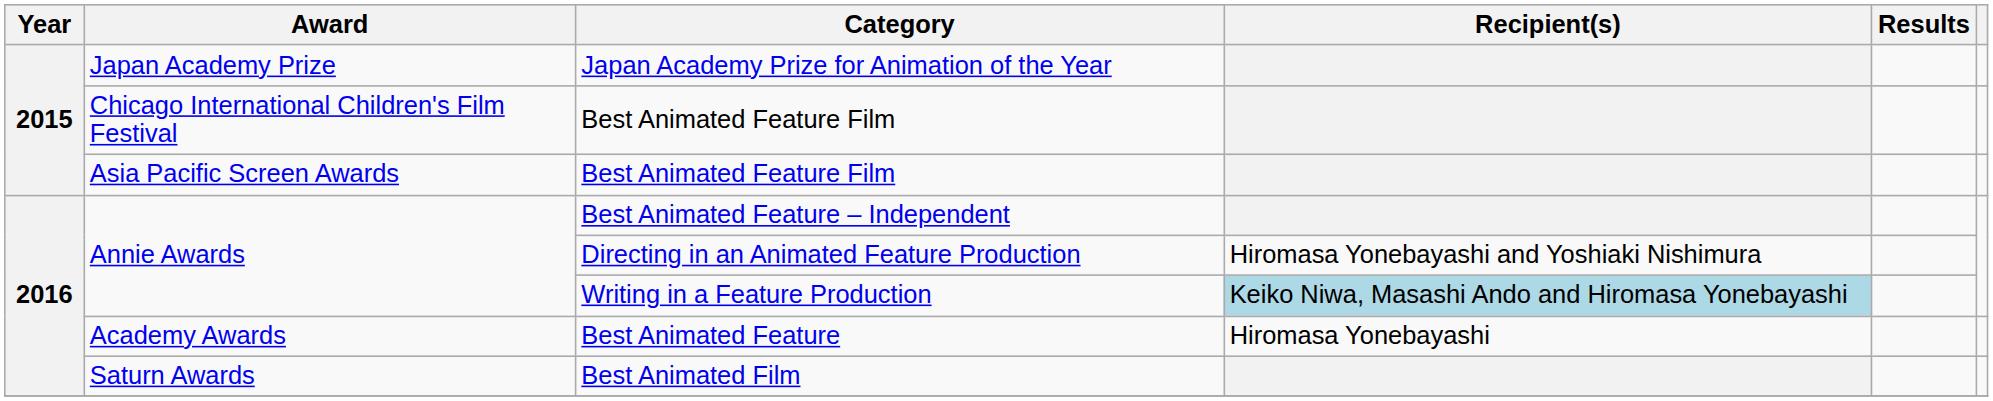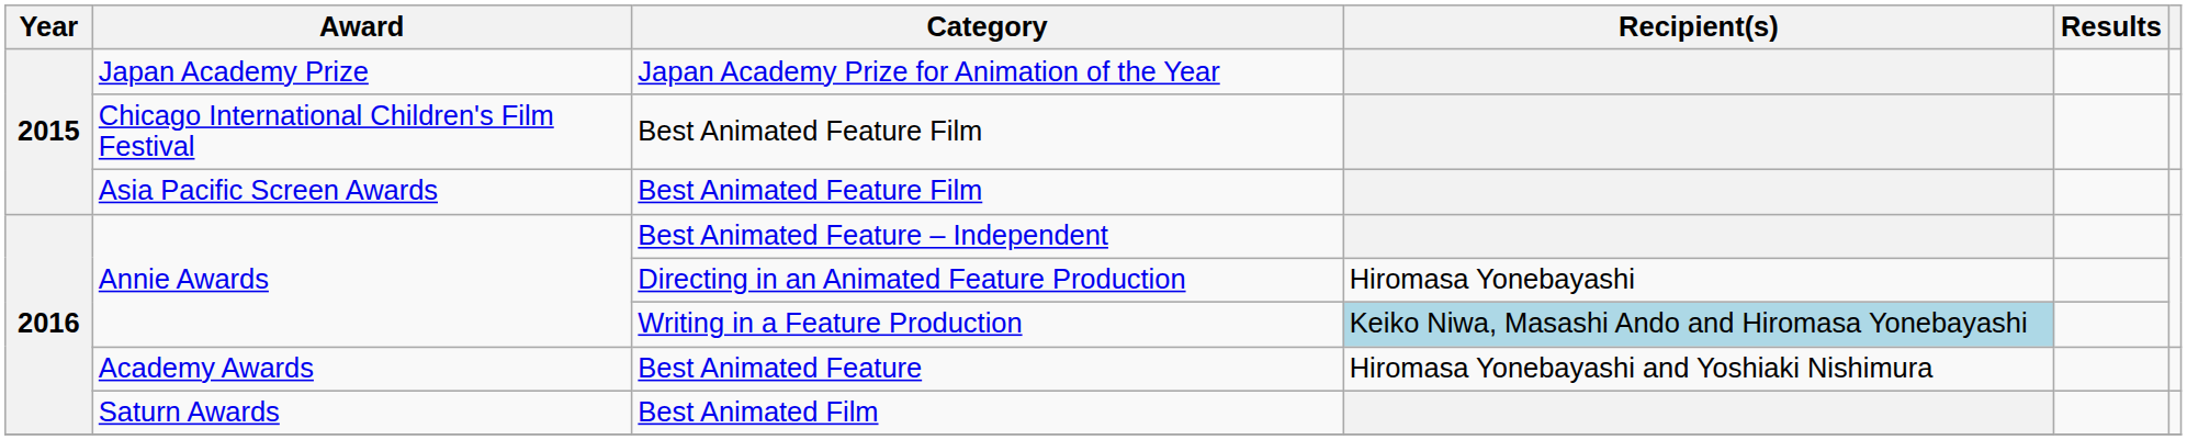 <table class="wikitable plainrowheaders">
 <tr>
 <th style="width:4%;">Year</th>
 <th style="width:25%;">Award</th>
 <th style="width:33%;">Category</th>
 <th style="width:33%;">Recipient(s)</th>
 <th style="width:5%;">Results</th>
 <th style="width:5%;"></th>
 </tr>
 <tr>
 <th scope="row" rowspan="3">2015</th>
 <td><a href='#'>Japan Academy Prize</a></td>
 <td><a href='#'>Japan Academy Prize for Animation of the Year</a></td>
 <th></th>
 <td></td>
 <td></td>
 </tr>
 <tr>
 <td><a href='#'>Chicago International Children's Film Festival</a></td>
 <td>Best Animated Feature Film</td>
 <th></th>
 <td></td>
 <td></td>
 </tr>
 <tr>
 <td><a href='#'>Asia Pacific Screen Awards</a></td>
 <td><a href='#'>Best Animated Feature Film</a></td>
 <th></th>
 <td></td>
 <td></td>
 </tr>
 <tr>
 <th scope="row" rowspan="5">2016</th>
 <td rowspan="3"><a href='#'>Annie Awards</a></td>
 <td><a href='#'>Best Animated Feature – Independent</a></td>
 <th></th>
 <td></td>
 <td rowspan="3"></td>
 </tr>
 <tr>
 <td><a href='#'>Directing in an Animated Feature Production</a></td>
-<td>Hiromasa Yonebayashi and Yoshiaki Nishimura</td>
+<td>Hiromasa Yonebayashi</td>
 <td></td>
 </tr>
 <tr>
 <td><a href='#'>Writing in a Feature Production</a></td>
 <td style="background: lightblue;">Keiko Niwa, Masashi Ando and Hiromasa Yonebayashi</td>
 <td></td>
 </tr>
 <tr>
 <td><a href='#'>Academy Awards</a></td>
 <td><a href='#'>Best Animated Feature</a></td>
-<td>Hiromasa Yonebayashi</td>
+<td>Hiromasa Yonebayashi and Yoshiaki Nishimura</td>
 <td></td>
 <td></td>
 </tr>
 <tr>
 <td><a href='#'>Saturn Awards</a></td>
 <td><a href='#'>Best Animated Film</a></td>
 <th></th>
 <td></td>
 <td></td>
 </tr>
 <tr>
 </tr>
 </table>
